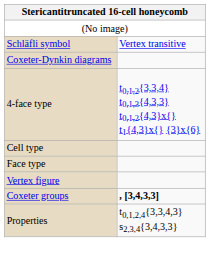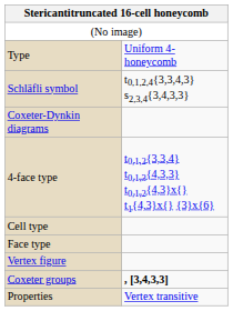 <table class="wikitable floatright" width="320">
 <tr>
 <th bgcolor=#e7dcc3 colspan=2>Stericantitruncated 16-cell honeycomb</th>
 </tr>
 <tr>
 <td bgcolor=#ffffff align=center colspan=2>(No image)</td>
 </tr>
 <tr>
+<td bgcolor=#e7dcc3>Type</td>
+<td><a href='#'>Uniform 4-honeycomb</a></td>
+</tr>
+<tr>
 <td bgcolor=#e7dcc3><a href='#'>Schläfli symbol</a></td>
-<td><a href='#'>Vertex transitive</a></td>
+<td>t<sub>0,1,2,4</sub>{3,3,4,3}<br>s<sub>2,3,4</sub>{3,4,3,3}</td>
 </tr>
 <tr>
 <td bgcolor=#e7dcc3><a href='#'>Coxeter-Dynkin diagrams</a></td>
 <td><br></td>
 </tr>
 <tr>
 <td bgcolor=#e7dcc3>4-face type</td>
 <td><br><a href='#'>t<sub>0,1,2</sub>{3,3,4}</a><br> <a href='#'>t<sub>0,1,3</sub>{4,3,3}</a><br> <a href='#'>t<sub>0,1,2</sub>{4,3}x{}</a><br> <a href='#'>t<sub>1</sub>{4,3}x{}</a> <a href='#'>{3}x{6}</a><br></td>
 </tr>
 <tr>
 <td bgcolor=#e7dcc3>Cell type</td>
 <td></td>
 </tr>
 <tr>
 <td bgcolor=#e7dcc3>Face type</td>
 <td></td>
 </tr>
 <tr>
 <td bgcolor=#e7dcc3><a href='#'>Vertex figure</a></td>
 <td></td>
 </tr>
 <tr>
 <td bgcolor=#e7dcc3><a href='#'>Coxeter groups</a></td>
 <td><strong>, [3,4,3,3]</strong></td>
 </tr>
 <tr>
 <td bgcolor=#e7dcc3>Properties</td>
-<td>t<sub>0,1,2,4</sub>{3,3,4,3}<br>s<sub>2,3,4</sub>{3,4,3,3}</td>
+<td><a href='#'>Vertex transitive</a></td>
 </tr>
 </table>
